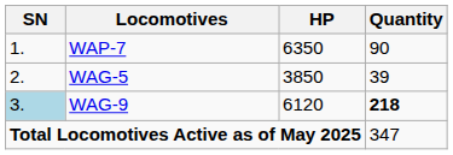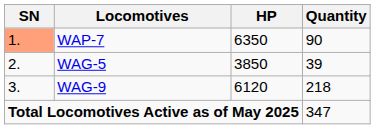 <table class="wikitable">
 <tr>
 <th>SN</th>
 <th>Locomotives</th>
 <th>HP</th>
 <th>Quantity</th>
 </tr>
 <tr>
-<td>1.</td>
+<td style="background: lightsalmon;">1.</td>
 <td><a href='#'>WAP-7</a></td>
 <td>6350</td>
 <td>90</td>
 </tr>
 <tr>
 <td>2.</td>
 <td><a href='#'>WAG-5</a></td>
 <td>3850</td>
 <td>39</td>
 </tr>
 <tr>
-<td style="background: lightblue;">3.</td>
+<td>3.</td>
 <td><a href='#'>WAG-9</a></td>
 <td>6120</td>
-<td><strong>218</strong></td>
+<td>218</td>
 </tr>
 <tr>
 <td colspan="3"><strong>Total Locomotives Active as of May 2025</strong></td>
 <td>347</td>
 </tr>
 </table>
